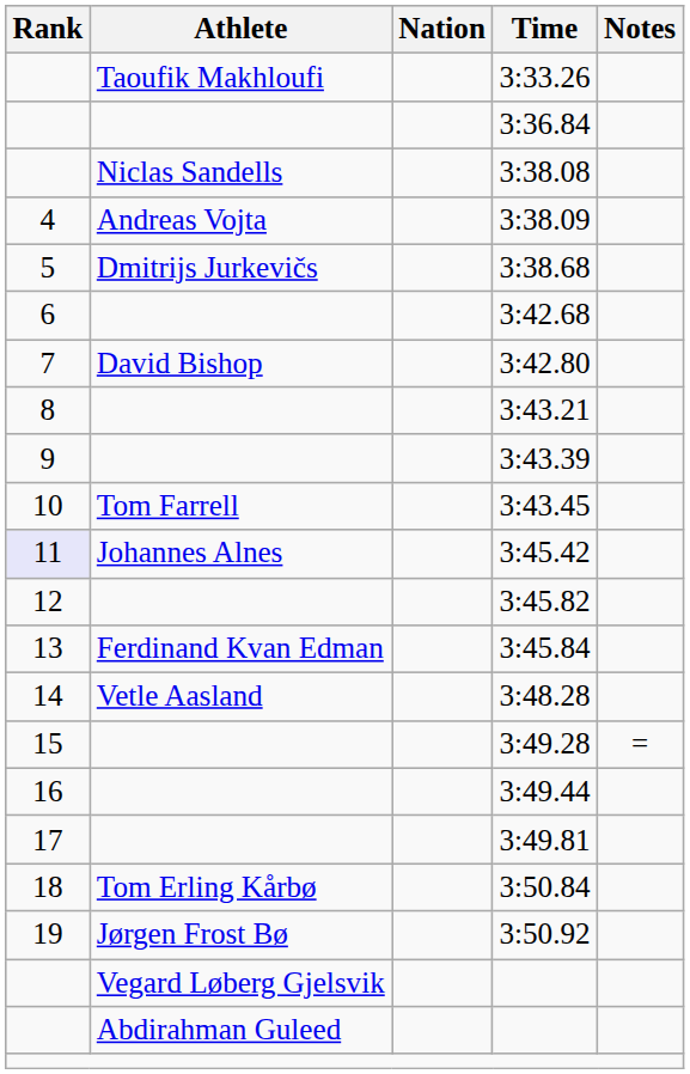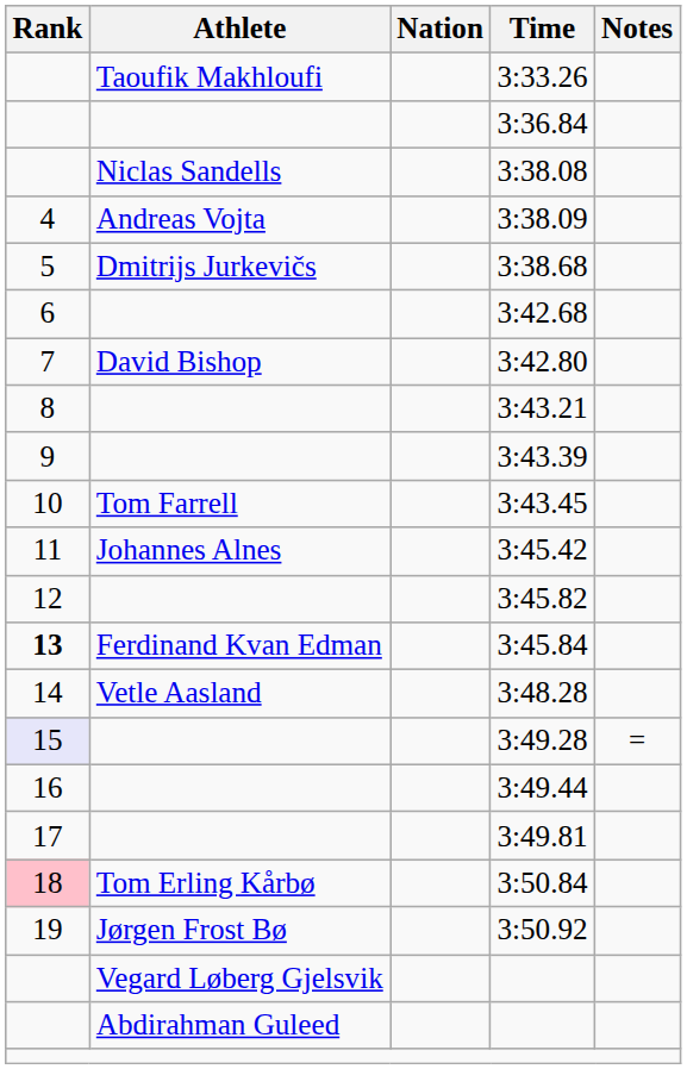 <table class="wikitable mw-datatable sortable" style="text-align:center;">
 <tr>
 <th scope="col" style="width: 10px;">Rank</th>
 <th scope="col">Athlete</th>
 <th scope="col">Nation</th>
 <th scope="col">Time</th>
 <th scope="col">Notes</th>
 </tr>
 <tr>
 <td></td>
 <td align="left"><a href='#'>Taoufik Makhloufi</a></td>
 <td align="left"></td>
 <td>3:33.26</td>
 <td></td>
 </tr>
 <tr>
 <td></td>
 <td align="left"></td>
 <td align="left"></td>
 <td>3:36.84</td>
 <td></td>
 </tr>
 <tr>
 <td></td>
 <td align="left"><a href='#'>Niclas Sandells</a></td>
 <td align="left"></td>
 <td>3:38.08</td>
 <td></td>
 </tr>
 <tr>
 <td>4</td>
 <td align="left"><a href='#'>Andreas Vojta</a></td>
 <td align="left"></td>
 <td>3:38.09</td>
 <td></td>
 </tr>
 <tr>
 <td>5</td>
 <td align="left"><a href='#'>Dmitrijs Jurkevičs</a></td>
 <td align="left"></td>
 <td>3:38.68</td>
 <td></td>
 </tr>
 <tr>
 <td>6</td>
 <td align="left"></td>
 <td align="left"></td>
 <td>3:42.68</td>
 <td></td>
 </tr>
 <tr>
 <td>7</td>
 <td align="left"><a href='#'>David Bishop</a></td>
 <td align="left"></td>
 <td>3:42.80</td>
 <td></td>
 </tr>
 <tr>
 <td>8</td>
 <td align="left"></td>
 <td align="left"></td>
 <td>3:43.21</td>
 <td></td>
 </tr>
 <tr>
 <td>9</td>
 <td align="left"></td>
 <td align="left"></td>
 <td>3:43.39</td>
 <td></td>
 </tr>
 <tr>
 <td>10</td>
 <td align="left"><a href='#'>Tom Farrell</a></td>
 <td align="left"></td>
 <td>3:43.45</td>
 <td></td>
 </tr>
 <tr>
-<td style="background: lavender;">11</td>
+<td>11</td>
 <td align="left"><a href='#'>Johannes Alnes</a></td>
 <td align="left"></td>
 <td>3:45.42</td>
 <td></td>
 </tr>
 <tr>
 <td>12</td>
 <td align="left"></td>
 <td align="left"></td>
 <td>3:45.82</td>
 <td></td>
 </tr>
 <tr>
-<td>13</td>
+<td><strong>13</strong></td>
 <td align="left"><a href='#'>Ferdinand Kvan Edman</a></td>
 <td align="left"></td>
 <td>3:45.84</td>
 <td></td>
 </tr>
 <tr>
 <td>14</td>
 <td align="left"><a href='#'>Vetle Aasland</a></td>
 <td align="left"></td>
 <td>3:48.28</td>
 <td></td>
 </tr>
 <tr>
-<td>15</td>
+<td style="background: lavender;">15</td>
 <td align="left"></td>
 <td align="left"></td>
 <td>3:49.28</td>
 <td>=</td>
 </tr>
 <tr>
 <td>16</td>
 <td align="left"></td>
 <td align="left"></td>
 <td>3:49.44</td>
 <td></td>
 </tr>
 <tr>
 <td>17</td>
 <td align="left"></td>
 <td align="left"></td>
 <td>3:49.81</td>
 <td></td>
 </tr>
 <tr>
-<td>18</td>
+<td style="background: pink;">18</td>
 <td align="left"><a href='#'>Tom Erling Kårbø</a></td>
 <td align="left"></td>
 <td>3:50.84</td>
 <td></td>
 </tr>
 <tr>
 <td>19</td>
 <td align="left"><a href='#'>Jørgen Frost Bø</a></td>
 <td align="left"></td>
 <td>3:50.92</td>
 <td></td>
 </tr>
 <tr>
 <td></td>
 <td align="left"><a href='#'>Vegard Løberg Gjelsvik</a></td>
 <td align="left"></td>
 <td></td>
 <td></td>
 </tr>
 <tr>
 <td></td>
 <td align="left"><a href='#'>Abdirahman Guleed</a></td>
 <td align="left"></td>
 <td></td>
 <td></td>
 </tr>
 <tr class="sortbottom">
 <td colspan="5"></td>
 </tr>
 </table>
